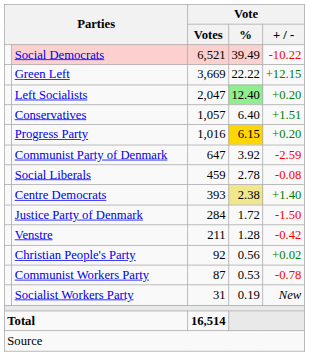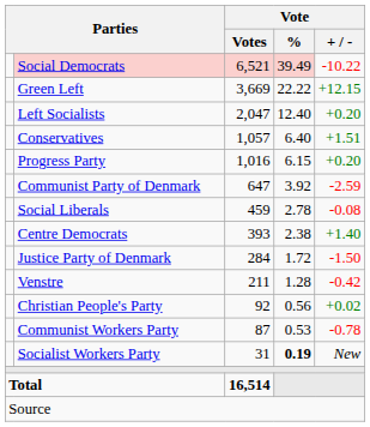 <table class="wikitable" style="text-align:right;">
 <tr>
 <th style="text-align:centre;" rowspan="2" colspan="2" width="225">Parties</th>
 <th colspan="3">Vote</th>
 </tr>
 <tr>
 <th width="15">Votes</th>
 <th width="15">%</th>
 <th width="15">+ / -</th>
 </tr>
 <tr>
 <td width="2" style="color:inherit;background:"></td>
 <td bgcolor=#fbd0ce  align="left"><a href='#'>Social Democrats</a></td>
 <td bgcolor=#fbd0ce>6,521</td>
 <td bgcolor=#fbd0ce>39.49</td>
 <td style=color:red;>-10.22</td>
 </tr>
 <tr>
 <td width="2" style="color:inherit;background:"></td>
 <td align="left"><a href='#'>Green Left</a></td>
 <td>3,669</td>
 <td>22.22</td>
 <td style=color:green;>+12.15</td>
 </tr>
 <tr>
 <td width="2" style="color:inherit;background:"></td>
 <td align="left"><a href='#'>Left Socialists</a></td>
 <td>2,047</td>
-<td style="background: lightgreen;">12.40</td>
+<td>12.40</td>
 <td style=color:green;>+0.20</td>
 </tr>
 <tr>
 <td width="2" style="color:inherit;background:"></td>
 <td align="left"><a href='#'>Conservatives</a></td>
 <td>1,057</td>
 <td>6.40</td>
 <td style=color:green;>+1.51</td>
 </tr>
 <tr>
 <td width="2" style="color:inherit;background:"></td>
 <td align="left"><a href='#'>Progress Party</a></td>
 <td>1,016</td>
-<td style="background: gold;">6.15</td>
+<td>6.15</td>
 <td style=color:green;>+0.20</td>
 </tr>
 <tr>
 <td width="2" style="color:inherit;background:"></td>
 <td align="left"><a href='#'>Communist Party of Denmark</a></td>
 <td>647</td>
 <td>3.92</td>
 <td style=color:red;>-2.59</td>
 </tr>
 <tr>
 <td width="2" style="color:inherit;background:"></td>
 <td align="left"><a href='#'>Social Liberals</a></td>
 <td>459</td>
 <td>2.78</td>
 <td style=color:red;>-0.08</td>
 </tr>
 <tr>
 <td width="2" style="color:inherit;background:"></td>
 <td align="left"><a href='#'>Centre Democrats</a></td>
 <td>393</td>
-<td style="background: khaki;">2.38</td>
+<td>2.38</td>
 <td style=color:green;>+1.40</td>
 </tr>
 <tr>
 <td width="2" style="color:inherit;background:"></td>
 <td align="left"><a href='#'>Justice Party of Denmark</a></td>
 <td>284</td>
 <td>1.72</td>
 <td style=color:red;>-1.50</td>
 </tr>
 <tr>
 <td width="2" style="color:inherit;background:"></td>
 <td align="left"><a href='#'>Venstre</a></td>
 <td>211</td>
 <td>1.28</td>
 <td style=color:red;>-0.42</td>
 </tr>
 <tr>
 <td width="2" style="color:inherit;background:"></td>
 <td align="left"><a href='#'>Christian People's Party</a></td>
 <td>92</td>
 <td>0.56</td>
 <td style=color:green;>+0.02</td>
 </tr>
 <tr>
 <td width="2" style="color:inherit;background:"></td>
 <td align="left"><a href='#'>Communist Workers Party</a></td>
 <td>87</td>
 <td>0.53</td>
 <td style=color:red;>-0.78</td>
 </tr>
 <tr>
 <td width="2" style="color:inherit;background:"></td>
 <td align="left"><a href='#'>Socialist Workers Party</a></td>
 <td>31</td>
-<td>0.19</td>
+<td><strong>0.19</strong></td>
 <td><em>New</em></td>
 </tr>
 <tr>
 <td colspan="7" bgcolor="#E9E9E9"></td>
 </tr>
 <tr>
 <td align="left" colspan="2"><strong>Total</strong></td>
 <td><strong>16,514</strong></td>
 <td bgcolor="#E9E9E9" colspan="2"></td>
 </tr>
 <tr>
 <td align="left" colspan="6">Source</td>
 </tr>
 </table>
